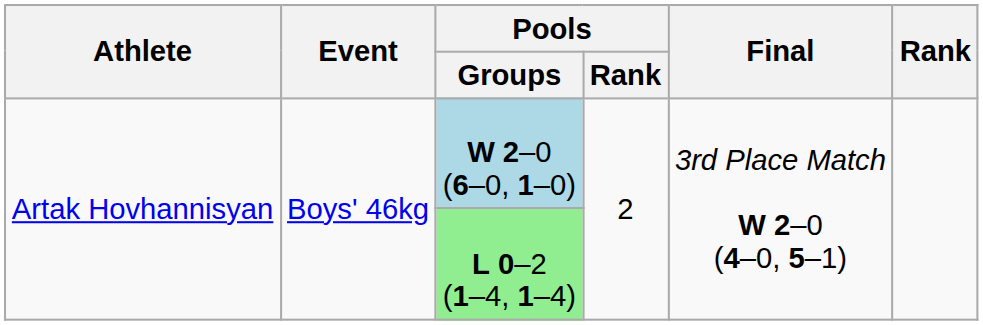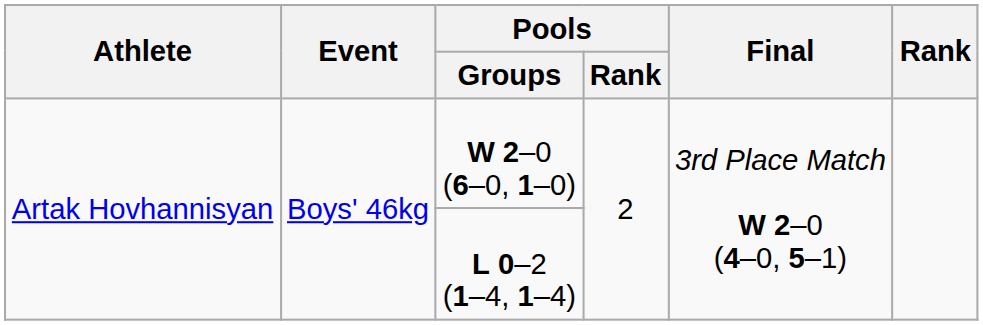 <table class="wikitable" style="text-align:left; font-size:90%">
 <tr>
 <th rowspan="2">Athlete</th>
 <th rowspan="2">Event</th>
 <th colspan="2">Pools</th>
 <th rowspan="2">Final</th>
 <th rowspan="2">Rank</th>
 </tr>
 <tr>
 <th>Groups</th>
 <th>Rank</th>
 </tr>
 <tr>
 <td rowspan="2"><a href='#'>Artak Hovhannisyan</a></td>
 <td rowspan="2"><a href='#'>Boys' 46kg</a></td>
-<td align=center style="background: lightblue;"><br><strong>W</strong> <strong>2</strong>–0<br>(<strong>6</strong>–0, <strong>1</strong>–0)</td>
+<td align=center><br><strong>W</strong> <strong>2</strong>–0<br>(<strong>6</strong>–0, <strong>1</strong>–0)</td>
 <td rowspan="2" align=center>2</td>
 <td align=center rowspan=2><em>3rd Place Match</em><br><br><strong>W</strong> <strong>2</strong>–0<br>(<strong>4</strong>–0, <strong>5</strong>–1)</td>
 <td rowspan="2" align="center"></td>
 </tr>
 <tr>
-<td align=center style="background: lightgreen;"><br><strong>L</strong> <strong>0</strong>–2<br>(<strong>1</strong>–4, <strong>1</strong>–4)</td>
+<td align=center><br><strong>L</strong> <strong>0</strong>–2<br>(<strong>1</strong>–4, <strong>1</strong>–4)</td>
 </tr>
 </table>
